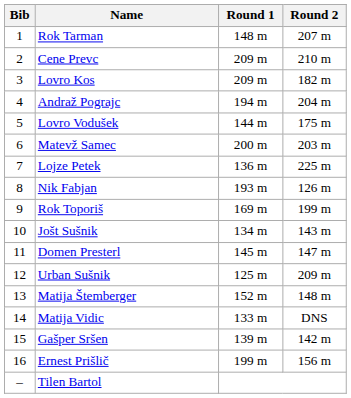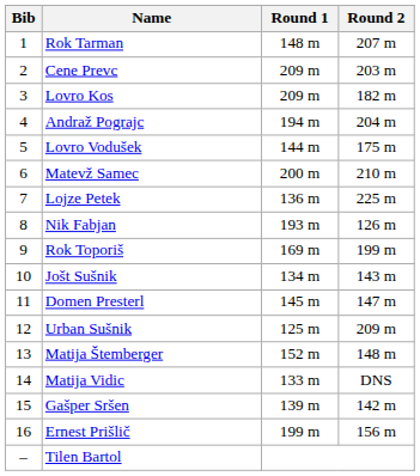 <table class="wikitable  collapsible autocollapse plainrowheaders" style="background:#fff; font-size:86%; line-height:16px; border:grey solid 1px; border-collapse:collapse;">
 <tr>
 <th width=25>Bib</th>
 <th width=185>Name</th>
 <th width=60>Round 1</th>
 <th width=60>Round 2</th>
 </tr>
 <tr align=center>
 <td>1</td>
 <td align=left> <a href='#'>Rok Tarman</a></td>
 <td>148 m</td>
 <td>207 m</td>
 </tr>
 <tr align=center>
 <td>2</td>
 <td align=left> <a href='#'>Cene Prevc</a></td>
 <td>209 m</td>
-<td>210 m</td>
+<td>203 m</td>
 </tr>
 <tr align=center>
 <td>3</td>
 <td align=left> <a href='#'>Lovro Kos</a></td>
 <td>209 m</td>
 <td>182 m</td>
 </tr>
 <tr align=center>
 <td>4</td>
 <td align=left> <a href='#'>Andraž Pograjc</a></td>
 <td>194 m</td>
 <td>204 m</td>
 </tr>
 <tr align=center>
 <td>5</td>
 <td align=left> <a href='#'>Lovro Vodušek</a></td>
 <td>144 m</td>
 <td>175 m</td>
 </tr>
 <tr align=center>
 <td>6</td>
 <td align=left> <a href='#'>Matevž Samec</a></td>
 <td>200 m</td>
-<td>203 m</td>
+<td>210 m</td>
 </tr>
 <tr align=center>
 <td>7</td>
 <td align=left> <a href='#'>Lojze Petek</a></td>
 <td>136 m</td>
 <td>225 m</td>
 </tr>
 <tr align=center>
 <td>8</td>
 <td align=left> <a href='#'>Nik Fabjan</a></td>
 <td>193 m</td>
 <td>126 m</td>
 </tr>
 <tr align=center>
 <td>9</td>
 <td align=left> <a href='#'>Rok Toporiš</a></td>
 <td>169 m</td>
 <td>199 m</td>
 </tr>
 <tr align=center>
 <td>10</td>
 <td align=left> <a href='#'>Jošt Sušnik</a></td>
 <td>134 m</td>
 <td>143 m</td>
 </tr>
 <tr align=center>
 <td>11</td>
 <td align=left> <a href='#'>Domen Presterl</a></td>
 <td>145 m</td>
 <td>147 m</td>
 </tr>
 <tr align=center>
 <td>12</td>
 <td align=left> <a href='#'>Urban Sušnik</a></td>
 <td>125 m</td>
 <td>209 m</td>
 </tr>
 <tr align=center>
 <td>13</td>
 <td align=left> <a href='#'>Matija Štemberger</a></td>
 <td>152 m</td>
 <td>148 m</td>
 </tr>
 <tr align=center>
 <td>14</td>
 <td align=left> <a href='#'>Matija Vidic</a></td>
 <td>133 m</td>
 <td>DNS</td>
 </tr>
 <tr align=center>
 <td>15</td>
 <td align=left> <a href='#'>Gašper Sršen</a></td>
 <td>139 m</td>
 <td>142 m</td>
 </tr>
 <tr align=center>
 <td>16</td>
 <td align=left> <a href='#'>Ernest Prišlič</a></td>
 <td>199 m</td>
 <td>156 m</td>
 </tr>
 <tr align=center>
 <td>–</td>
 <td align=left> <a href='#'>Tilen Bartol</a></td>
 <td colspan=2></td>
 </tr>
 </table>
